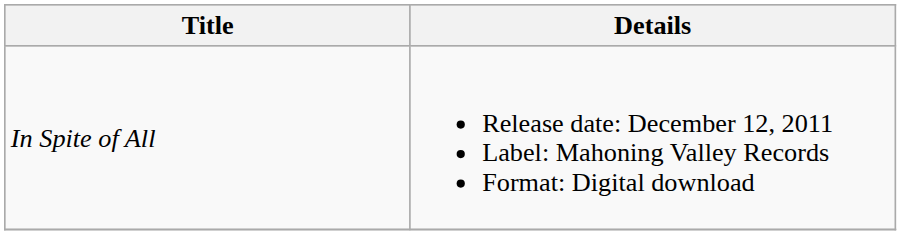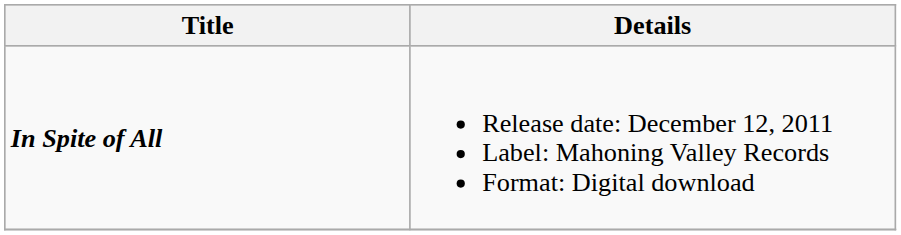 <table class="wikitable">
 <tr>
 <th style="width:15em;">Title</th>
 <th style="width:18em;">Details</th>
 </tr>
 <tr>
-<td><em>In Spite of All</em></td>
+<td><strong><em>In Spite of All</em></strong></td>
 <td><br><ul><li>Release date: December 12, 2011</li><li>Label: Mahoning Valley Records</li><li>Format: Digital download</li></ul></td>
 </tr>
 <tr>
 </tr>
 </table>
